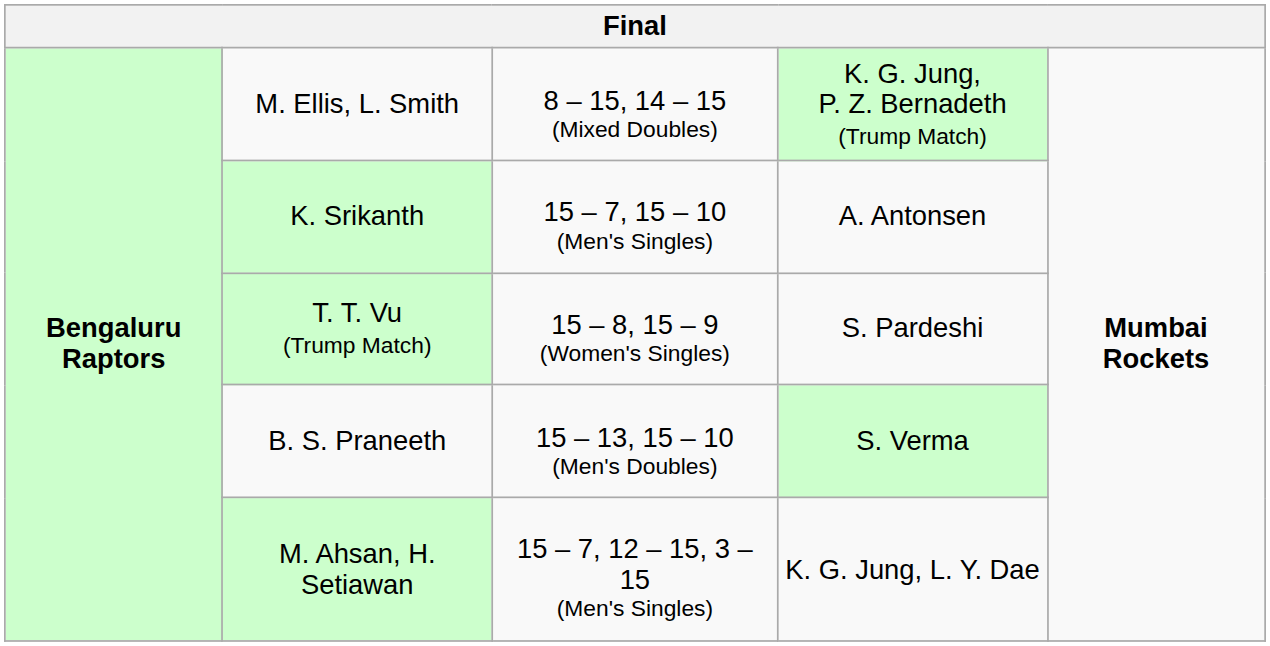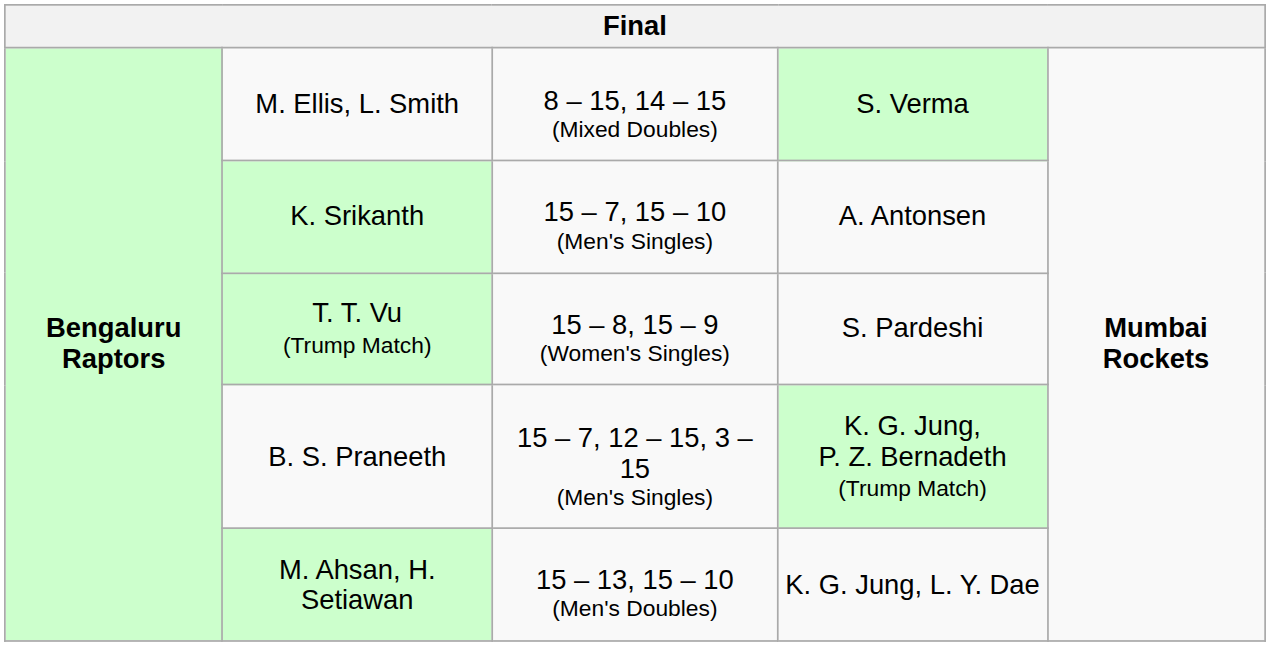 <table class="wikitable" style="text-align: center;">
 <tr>
 <th colspan="5">Final</th>
 </tr>
 <tr>
 <td rowspan="5"  style="background:#cfc;width: 120px"><strong>Bengaluru Raptors</strong><br></td>
 <td style="width: 150px">M. Ellis, L. Smith</td>
 <td style="width: 160px"><br>8 – 15, 14 – 15<br><sup>(Mixed Doubles)</sup></td>
-<td style="width: 150px;background:#cfc;">K. G. Jung,<br>P. Z. Bernadeth<br> <small>(Trump Match)</small></td>
+<td style="background:#cfc;">S. Verma</td>
 <td rowspan="5" style="width: 120px"><strong>Mumbai Rockets</strong></td>
 </tr>
 <tr>
 <td style="background:#cfc;">K. Srikanth</td>
 <td><br>15 – 7, 15 – 10<br><sup>(Men's Singles)</sup></td>
 <td>A. Antonsen</td>
 </tr>
 <tr>
 <td style="background:#cfc;">T. T. Vu<br><small>(Trump Match)</small></td>
 <td><br>15 – 8, 15 – 9<br><sup>(Women's Singles)</sup></td>
 <td>S. Pardeshi</td>
 </tr>
 <tr>
 <td>B. S. Praneeth</td>
-<td><br> 15 – 13, 15 – 10 <br><sup>(Men's Doubles)</sup></td>
-<td style="background:#cfc;">S. Verma</td>
+<td><br>15 – 7, 12 – 15, 3 – 15<br><sup>(Men's Singles)</sup></td>
+<td style="width: 150px;background:#cfc;">K. G. Jung,<br>P. Z. Bernadeth<br> <small>(Trump Match)</small></td>
 </tr>
 <tr>
 <td style="background:#cfc;">M. Ahsan, H. Setiawan</td>
-<td><br>15 – 7, 12 – 15, 3 – 15<br><sup>(Men's Singles)</sup></td>
+<td><br> 15 – 13, 15 – 10 <br><sup>(Men's Doubles)</sup></td>
 <td>K. G. Jung, L. Y. Dae</td>
 </tr>
 </table>
